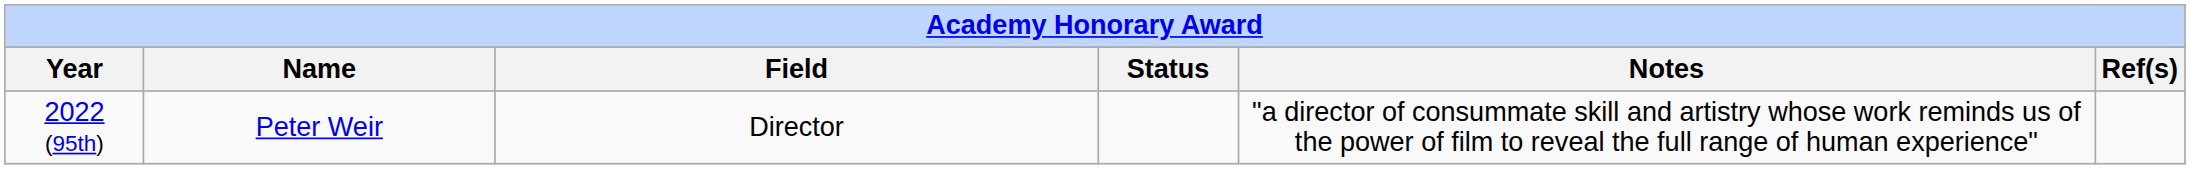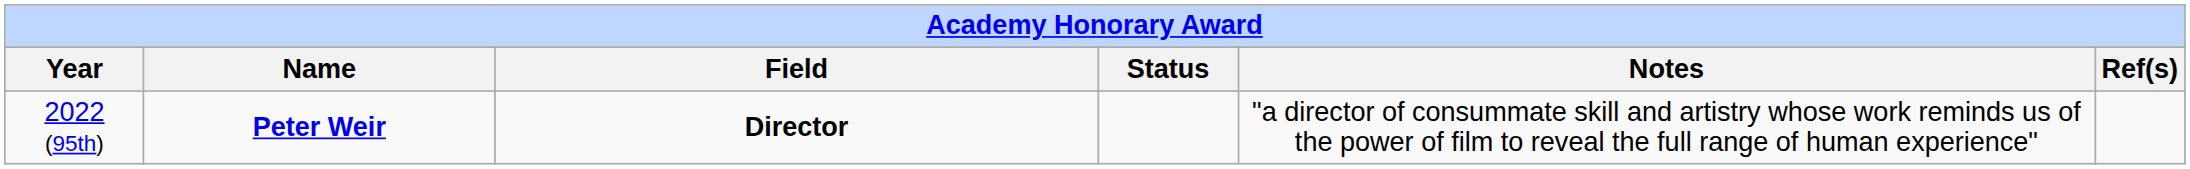 <table class="wikitable" style="text-align: center">
 <tr style="background:#bfd7ff;">
 <td colspan="6" style="text-align:center;"><strong><a href='#'>Academy Honorary Award</a></strong></td>
 </tr>
 <tr style="background:#ebf5ff;">
 <th style="width:75px;">Year</th>
 <th style="width:200px;">Name</th>
 <th style="width:350px;">Field</th>
 <th style="width:75px;">Status</th>
 <th style="width:500px;">Notes</th>
 <th width="3">Ref(s)</th>
 </tr>
 <tr>
 <td style="text-align: center"><a href='#'>2022</a><br><small>(<a href='#'>95th</a>)</small></td>
-<td><a href='#'>Peter Weir</a></td>
-<td>Director</td>
+<td><strong><a href='#'>Peter Weir</a></strong></td>
+<td><strong>Director</strong></td>
 <td></td>
 <td>"a director of consummate skill and artistry whose work reminds us of the power of film to reveal the full range of human experience"</td>
 <td style="text-align: center"></td>
 </tr>
 </table>
